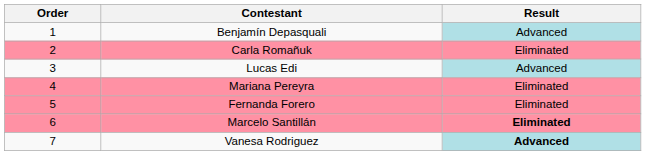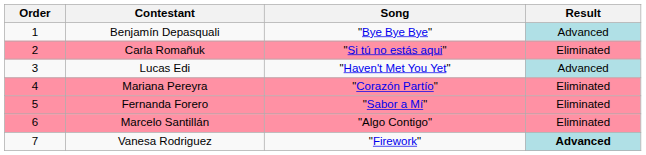 <table class="wikitable" style="text-align:center; width:70%;">
 <tr>
 <th scope="col" style="width:4%;">Order</th>
 <th scope="col" style="width:16%;">Contestant</th>
+<th scope="col" style="width:21%;">Song</th>
 <th scope="col" style="width:9%;">Result</th>
 </tr>
 <tr>
 <td>1</td>
 <td>Benjamín Depasquali</td>
+<td>"<a href='#'>Bye Bye Bye</a>"</td>
 <td style="background:#B0E0E6;">Advanced</td>
 </tr>
 <tr style="background:#FF91A4;">
 <td>2</td>
 <td>Carla Romañuk</td>
+<td>"<a href='#'>Si tú no estás aqui</a>"</td>
 <td>Eliminated</td>
 </tr>
 <tr>
 <td>3</td>
 <td>Lucas Edi</td>
+<td>"<a href='#'>Haven't Met You Yet</a>"</td>
 <td style="background:#B0E0E6;">Advanced</td>
 </tr>
 <tr style="background:#FF91A4;">
 <td>4</td>
 <td>Mariana Pereyra</td>
+<td>"<a href='#'>Corazón Partío</a>"</td>
 <td>Eliminated</td>
 </tr>
 <tr style="background:#FF91A4;">
 <td>5</td>
 <td>Fernanda Forero</td>
+<td>"<a href='#'>Sabor a Mí</a>"</td>
 <td>Eliminated</td>
 </tr>
 <tr style="background:#FF91A4;">
 <td>6</td>
 <td>Marcelo Santillán</td>
-<td><strong>Eliminated</strong></td>
+<td>"Algo Contigo"</td>
+<td>Eliminated</td>
 </tr>
 <tr>
 <td>7</td>
 <td>Vanesa Rodriguez</td>
+<td>"<a href='#'>Firework</a>"</td>
 <td style="background:#B0E0E6;"><strong>Advanced</strong></td>
 </tr>
 </table>
